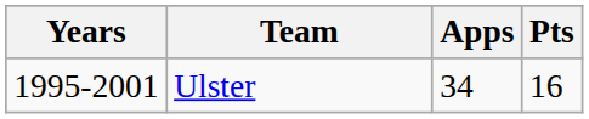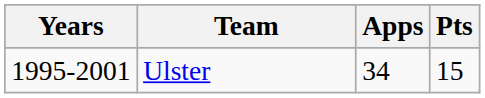 <table class="wikitable" style="text-align:left;">
 <tr>
 <th>Years</th>
 <th width=120px>Team</th>
 <th>Apps</th>
 <th>Pts</th>
 </tr>
 <tr>
 <td>1995-2001</td>
 <td><a href='#'>Ulster</a></td>
 <td>34</td>
-<td>16</td>
+<td>15</td>
 </tr>
 </table>
